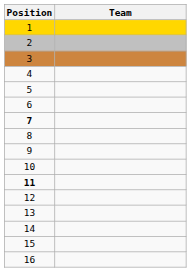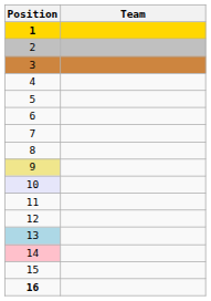 <table class="wikitable" style="width:250px;">
 <tr>
 <th width=30>Position</th>
 <th width=220>Team</th>
 </tr>
 <tr style="background:gold;">
-<td align=center>1</td>
+<td align=center><strong>1</strong></td>
 <td></td>
 </tr>
 <tr style="background:silver;">
 <td align=center>2</td>
 <td></td>
 </tr>
 <tr style="background:peru;">
 <td align=center>3</td>
 <td></td>
 </tr>
 <tr>
 <td align=center>4</td>
 <td></td>
 </tr>
 <tr>
 <td align=center>5</td>
 <td></td>
 </tr>
 <tr>
 <td align=center>6</td>
 <td></td>
 </tr>
 <tr>
-<td align=center><strong>7</strong></td>
+<td align=center>7</td>
 <td></td>
 </tr>
 <tr>
 <td align=center>8</td>
 <td></td>
 </tr>
 <tr>
-<td align=center>9</td>
+<td align=center style="background: khaki;">9</td>
 <td></td>
 </tr>
 <tr>
-<td align=center>10</td>
+<td align=center style="background: lavender;">10</td>
 <td></td>
 </tr>
 <tr>
-<td align=center><strong>11</strong></td>
+<td align=center>11</td>
 <td></td>
 </tr>
 <tr>
 <td align=center>12</td>
 <td></td>
 </tr>
 <tr>
-<td align=center>13</td>
+<td align=center style="background: lightblue;">13</td>
 <td></td>
 </tr>
 <tr>
-<td align=center>14</td>
+<td align=center style="background: pink;">14</td>
 <td></td>
 </tr>
 <tr>
 <td align=center>15</td>
 <td></td>
 </tr>
 <tr>
-<td align=center>16</td>
+<td align=center><strong>16</strong></td>
 <td></td>
 </tr>
 </table>
